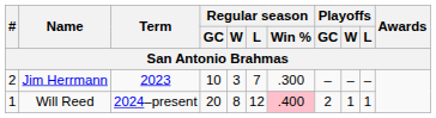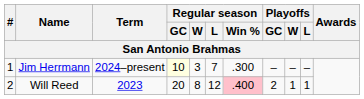 <table class="wikitable" style="text-align:center">
 <tr>
 <th rowspan="2">#</th>
 <th rowspan="2">Name</th>
 <th rowspan="2">Term</th>
 <th colspan="4">Regular season</th>
 <th colspan="3">Playoffs</th>
 <th rowspan="2">Awards</th>
 </tr>
 <tr>
 <th>GC</th>
 <th>W</th>
 <th>L</th>
 <th>Win %</th>
 <th>GC</th>
 <th>W</th>
 <th>L</th>
 </tr>
 <tr>
 <th colspan="11">San Antonio Brahmas</th>
 </tr>
 <tr>
-<td>2</td>
+<td>1</td>
 <td><a href='#'>Jim Herrmann</a></td>
-<td><a href='#'>2023</a></td>
-<td>10</td>
+<td><a href='#'>2024</a>–present</td>
+<td style="background: lightyellow;">10</td>
 <td>3</td>
 <td>7</td>
 <td>.300</td>
 <td>–</td>
 <td>–</td>
 <td>–</td>
 </tr>
 <tr>
-<td>1</td>
+<td>2</td>
 <td>Will Reed</td>
-<td><a href='#'>2024</a>–present</td>
+<td><a href='#'>2023</a></td>
 <td>20</td>
 <td>8</td>
 <td>12</td>
 <td style="background: pink;">.400</td>
 <td>2</td>
 <td>1</td>
 <td>1</td>
 </tr>
 </table>
